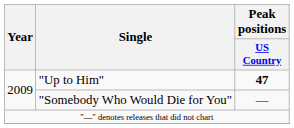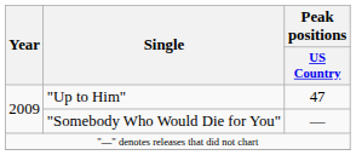 <table class="wikitable">
 <tr>
 <th rowspan="2">Year</th>
 <th rowspan="2">Single</th>
 <th colspan="1">Peak positions</th>
 </tr>
 <tr style="font-size:smaller;">
 <th width="60"><a href='#'>US Country</a></th>
 </tr>
 <tr>
 <td rowspan="2">2009</td>
 <td>"Up to Him"</td>
-<td align="center"><strong>47</strong></td>
+<td align="center">47</td>
 </tr>
 <tr>
 <td>"Somebody Who Would Die for You"</td>
 <td align="center">—</td>
 </tr>
 <tr>
 <td align="center" colspan="10" style="font-size:8pt">"—" denotes releases that did not chart</td>
 </tr>
 <tr>
 </tr>
 </table>
